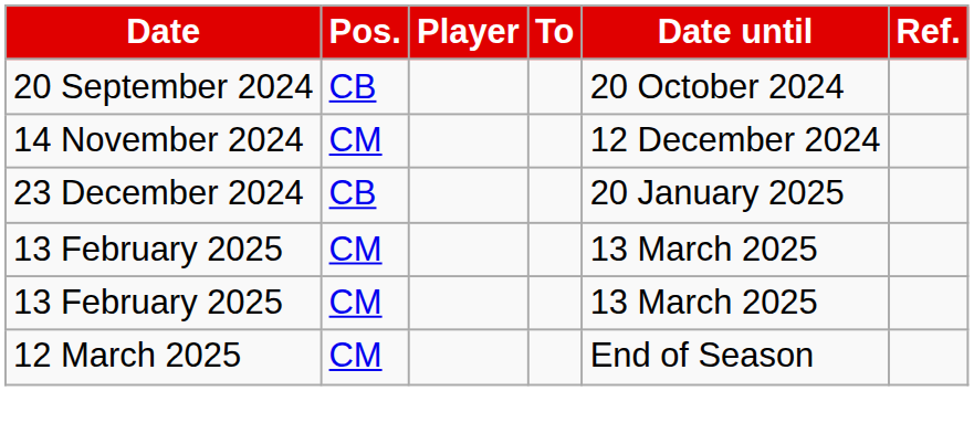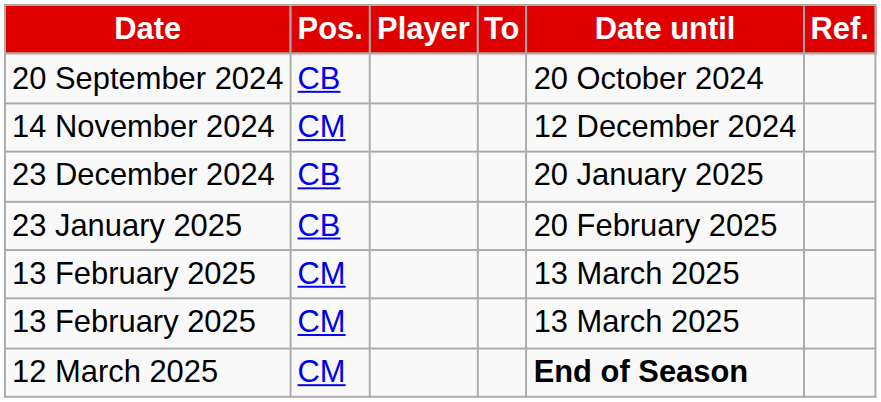 <table class="wikitable plainrowheaders sortable">
 <tr>
 <th style="background:#E00000; color:#ffffff; ">Date</th>
 <th style="background:#E00000; color:#ffffff; ">Pos.</th>
 <th style="background:#E00000; color:#ffffff; ">Player</th>
 <th style="background:#E00000; color:#ffffff; ">To</th>
 <th style="background:#E00000; color:#ffffff; ">Date until</th>
 <th style="background:#E00000; color:#ffffff; ">Ref.</th>
 </tr>
 <tr>
 <td>20 September 2024</td>
 <td><a href='#'>CB</a></td>
 <td></td>
 <td></td>
 <td>20 October 2024</td>
 <td></td>
 </tr>
 <tr>
 <td>14 November 2024</td>
 <td><a href='#'>CM</a></td>
 <td></td>
 <td></td>
 <td>12 December 2024</td>
 <td></td>
 </tr>
 <tr>
 <td>23 December 2024</td>
 <td><a href='#'>CB</a></td>
 <td></td>
 <td></td>
 <td>20 January 2025</td>
 <td></td>
 </tr>
 <tr>
+<td>23 January 2025</td>
+<td><a href='#'>CB</a></td>
+<td></td>
+<td></td>
+<td>20 February 2025</td>
+<td></td>
+</tr>
+<tr>
 <td>13 February 2025</td>
 <td><a href='#'>CM</a></td>
 <td></td>
 <td></td>
 <td>13 March 2025</td>
 <td></td>
 </tr>
 <tr>
 <td>13 February 2025</td>
 <td><a href='#'>CM</a></td>
 <td></td>
 <td></td>
 <td>13 March 2025</td>
 <td></td>
 </tr>
 <tr>
 <td>12 March 2025</td>
 <td><a href='#'>CM</a></td>
 <td></td>
 <td></td>
-<td>End of Season</td>
+<td><strong>End of Season</strong></td>
 <td></td>
 </tr>
 </table>
